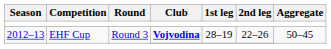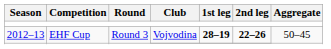 <table class="wikitable">
 <tr>
 <th>Season</th>
 <th>Competition</th>
 <th>Round</th>
 <th>Club</th>
 <th>1st leg</th>
 <th>2nd leg</th>
 <th>Aggregate</th>
 </tr>
 <tr>
 <td colspan="7" bgcolor=white></td>
 </tr>
 <tr>
 <td rowspan="6"><a href='#'>2012–13</a></td>
 <td rowspan="6"><a href='#'>EHF Cup</a></td>
 <td rowspan="5" style="text-align:center;"><a href='#'>Round 3</a></td>
-<td><strong> <a href='#'>Vojvodina</a></strong></td>
-<td style="text-align:center;">28–19</td>
-<td style="text-align:center;">22–26</td>
+<td> <a href='#'>Vojvodina</a></td>
+<td style="text-align:center;"><strong>28–19</strong></td>
+<td style="text-align:center;"><strong>22–26</strong></td>
 <td rowspan="5" style="text-align:center;">50–45</td>
 </tr>
 <tr>
 </tr>
 </table>
